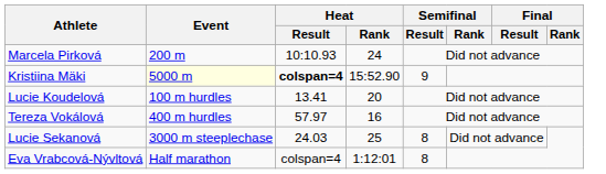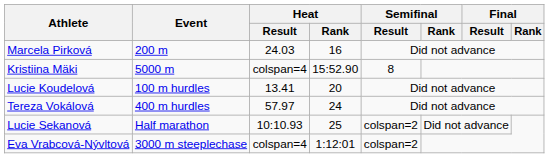 <table class="wikitable" style="font-size:90%">
 <tr>
 <th rowspan=2>Athlete</th>
 <th rowspan=2>Event</th>
 <th colspan=2>Heat</th>
 <th colspan=2>Semifinal</th>
 <th colspan=2>Final</th>
 </tr>
 <tr style="font-size:95%">
 <th>Result</th>
 <th>Rank</th>
 <th>Result</th>
 <th>Rank</th>
 <th>Result</th>
 <th>Rank</th>
 </tr>
 <tr align=center>
 <td align=left><a href='#'>Marcela Pirková</a></td>
 <td style="text-align:left;"><a href='#'>200 m</a></td>
-<td>10:10.93</td>
-<td>24</td>
+<td>24.03</td>
+<td>16</td>
 <td colspan=4>Did not advance</td>
 </tr>
 <tr align=center>
 <td align=left><a href='#'>Kristiina Mäki</a></td>
-<td style="background: lightyellow; text-align:left;"><a href='#'>5000 m</a></td>
-<td><strong>colspan=4 </strong></td>
+<td style="text-align:left;"><a href='#'>5000 m</a></td>
+<td>colspan=4 </td>
 <td>15:52.90</td>
-<td>9</td>
+<td>8</td>
 </tr>
 <tr align=center>
 <td align=left><a href='#'>Lucie Koudelová</a></td>
 <td style="text-align:left;"><a href='#'>100 m hurdles</a></td>
 <td>13.41</td>
 <td>20</td>
 <td colspan=4>Did not advance</td>
 </tr>
 <tr align=center>
 <td align=left><a href='#'>Tereza Vokálová</a></td>
 <td style="text-align:left;"><a href='#'>400 m hurdles</a></td>
 <td>57.97</td>
-<td>16</td>
+<td>24</td>
 <td colspan=4>Did not advance</td>
 </tr>
 <tr align=center>
 <td align=left><a href='#'>Lucie Sekanová</a></td>
-<td style="text-align:left;"><a href='#'>3000 m steeplechase</a></td>
-<td>24.03</td>
+<td style="text-align:left;"><a href='#'>Half marathon</a></td>
+<td>10:10.93</td>
 <td>25</td>
-<td>8</td>
+<td>colspan=2 </td>
 <td colspan=2>Did not advance</td>
 </tr>
 <tr align=center>
 <td align=left><a href='#'>Eva Vrabcová-Nývltová</a></td>
-<td style="text-align:left;"><a href='#'>Half marathon</a></td>
+<td style="text-align:left;"><a href='#'>3000 m steeplechase</a></td>
 <td>colspan=4 </td>
 <td>1:12:01</td>
-<td>8</td>
+<td>colspan=2 </td>
 </tr>
 </table>
